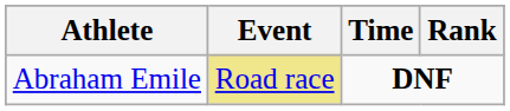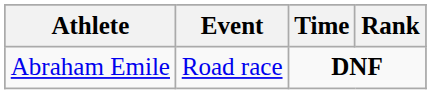 <table class="wikitable" style="font-size:90%">
 <tr>
 <th>Athlete</th>
 <th>Event</th>
 <th>Time</th>
 <th>Rank</th>
 </tr>
 <tr>
 <td><a href='#'>Abraham Emile</a></td>
-<td align=center style="background: khaki;"><a href='#'>Road race</a></td>
+<td align=center><a href='#'>Road race</a></td>
 <td align="center" colspan="7"><strong>DNF</strong></td>
 </tr>
 </table>
